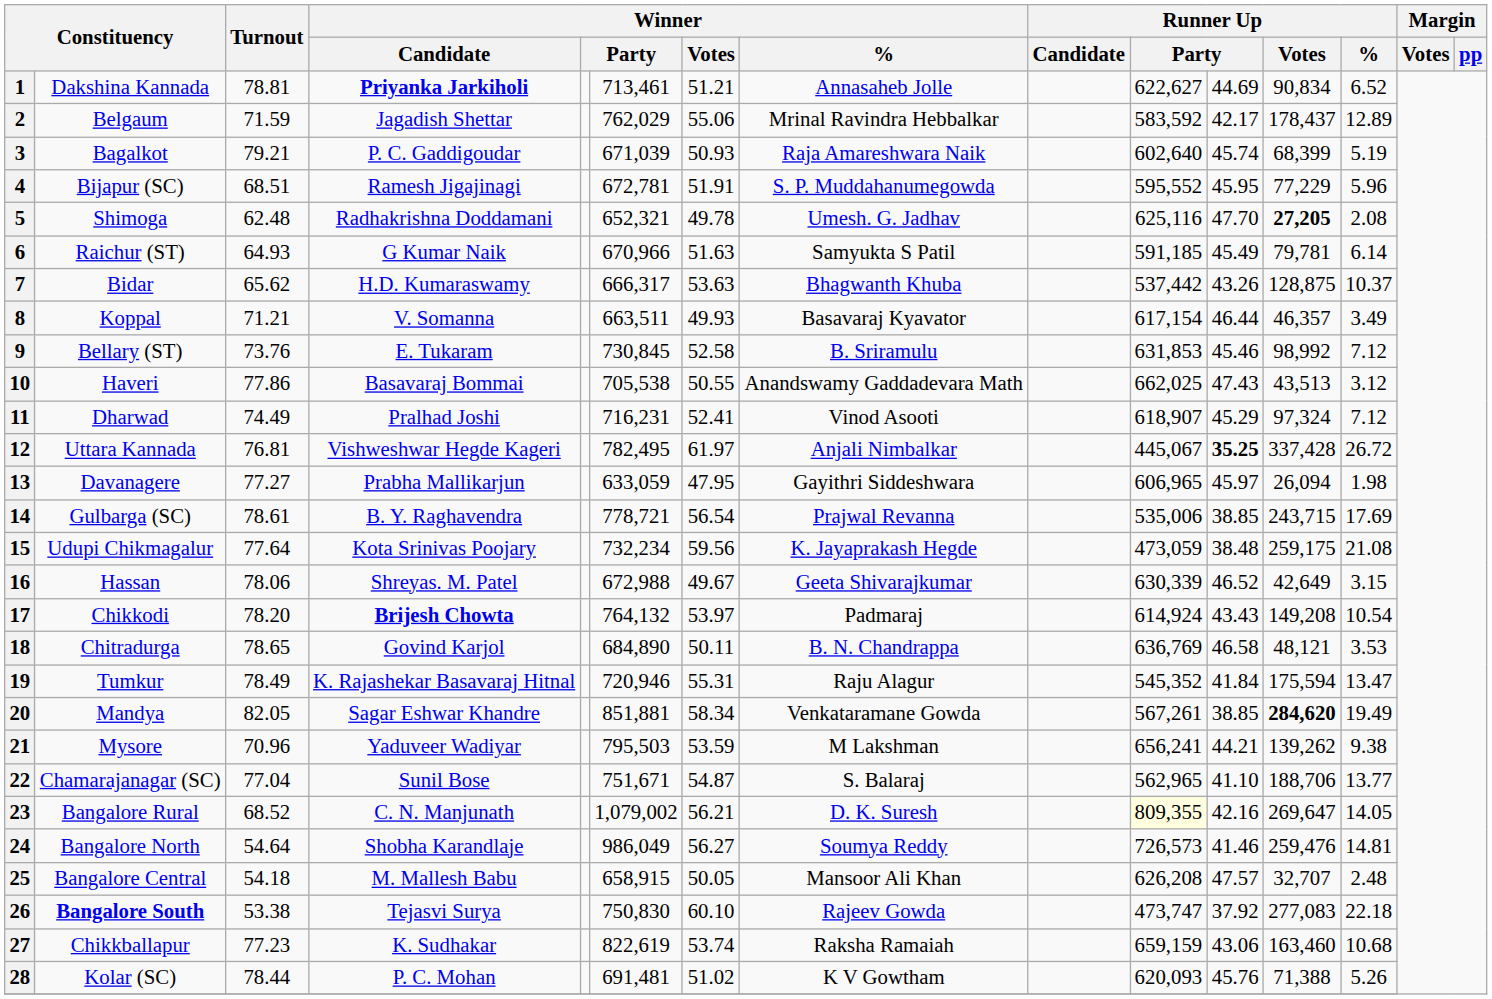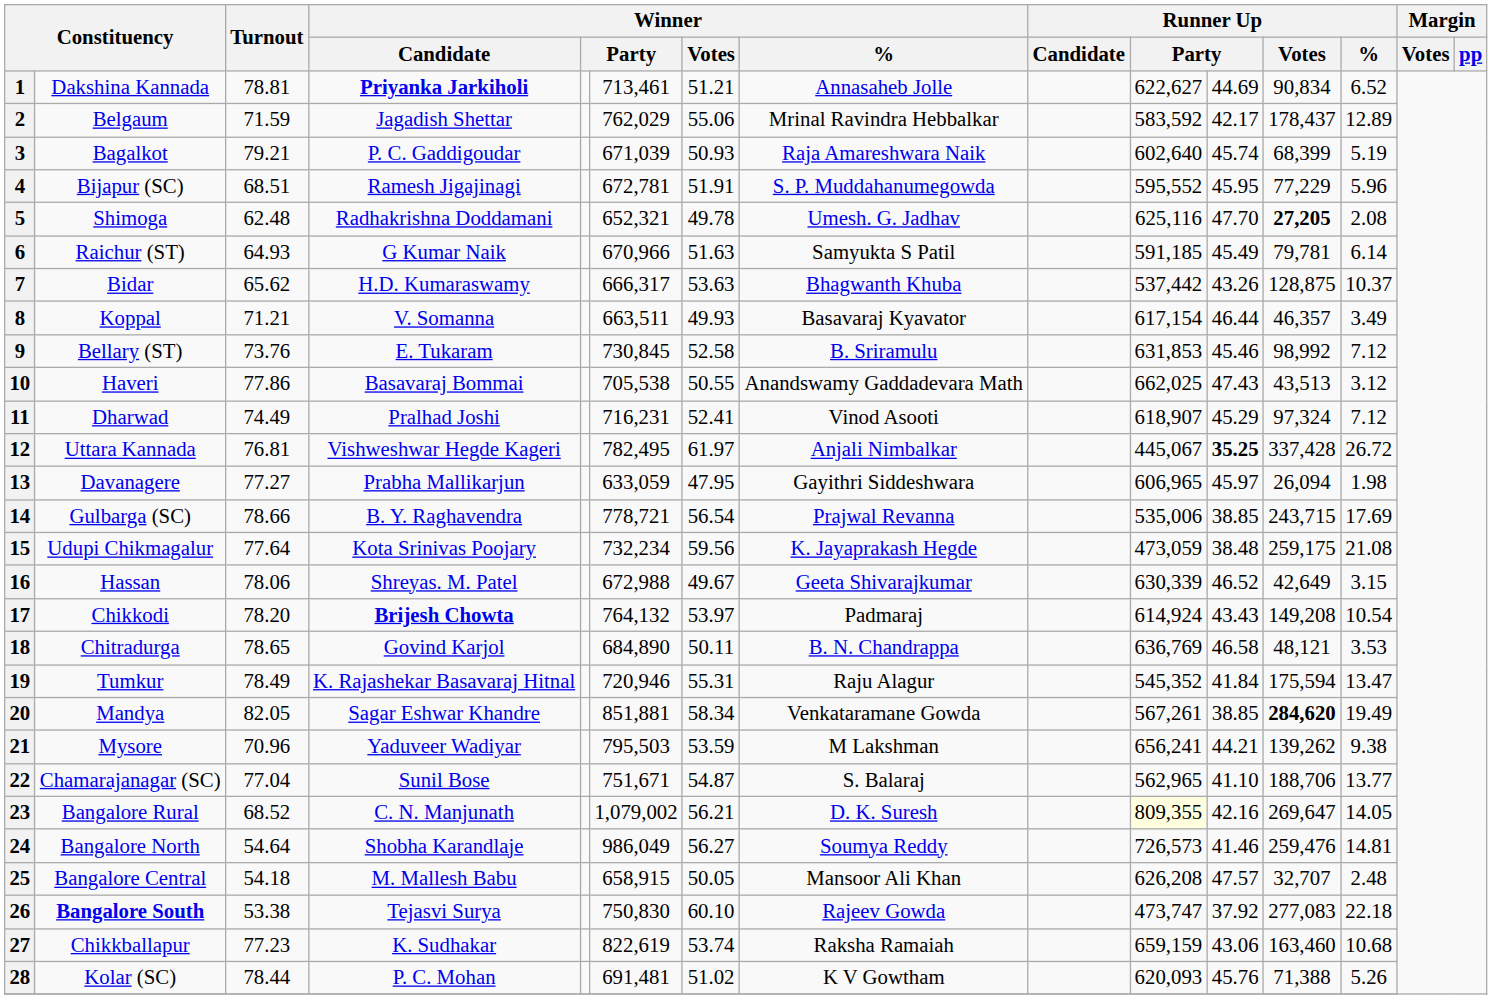 <table class="wikitable sortable" style="text-align:center;">
 <tr>
 <th colspan="2" rowspan="2">Constituency</th>
 <th rowspan="2">Turnout</th>
 <th colspan="5">Winner</th>
 <th colspan="5">Runner Up</th>
 <th colspan="2">Margin</th>
 </tr>
 <tr>
 <th>Candidate</th>
 <th colspan="2">Party</th>
 <th data-sort-type=number>Votes</th>
 <th>%</th>
 <th>Candidate</th>
 <th colspan="2">Party</th>
 <th data-sort-type=number>Votes</th>
 <th>%</th>
 <th>Votes</th>
 <th><a href='#'>pp</a></th>
 </tr>
 <tr>
 <th>1</th>
 <td><a href='#'>Dakshina Kannada</a></td>
 <td>78.81 </td>
 <td><strong><a href='#'>Priyanka Jarkiholi</a></strong></td>
 <td></td>
 <td>713,461</td>
 <td>51.21</td>
 <td><a href='#'>Annasaheb Jolle</a></td>
 <td></td>
 <td>622,627</td>
 <td>44.69</td>
 <td style="background:">90,834</td>
 <td style="background:">6.52</td>
 </tr>
 <tr>
 <th>2</th>
 <td><a href='#'>Belgaum</a></td>
 <td>71.59 </td>
 <td><a href='#'>Jagadish Shettar</a></td>
 <td></td>
 <td>762,029</td>
 <td>55.06</td>
 <td>Mrinal Ravindra Hebbalkar</td>
 <td></td>
 <td>583,592</td>
 <td>42.17</td>
 <td style="background:">178,437</td>
 <td style="background:">12.89</td>
 </tr>
 <tr>
 <th>3</th>
 <td><a href='#'>Bagalkot</a></td>
 <td>79.21 </td>
 <td><a href='#'>P. C. Gaddigoudar</a></td>
 <td></td>
 <td>671,039</td>
 <td>50.93</td>
 <td><a href='#'>Raja Amareshwara Naik</a></td>
 <td></td>
 <td>602,640</td>
 <td>45.74</td>
 <td style="background:">68,399</td>
 <td style="background:">5.19</td>
 </tr>
 <tr>
 <th>4</th>
 <td><a href='#'>Bijapur</a> (SC)</td>
 <td>68.51 </td>
 <td><a href='#'>Ramesh Jigajinagi</a></td>
 <td></td>
 <td>672,781</td>
 <td>51.91</td>
 <td><a href='#'>S. P. Muddahanumegowda</a></td>
 <td></td>
 <td>595,552</td>
 <td>45.95</td>
 <td style="background:">77,229</td>
 <td style="background:">5.96</td>
 </tr>
 <tr>
 <th>5</th>
 <td><a href='#'>Shimoga</a></td>
 <td>62.48 </td>
 <td><a href='#'>Radhakrishna Doddamani</a></td>
 <td></td>
 <td>652,321</td>
 <td>49.78</td>
 <td><a href='#'>Umesh. G. Jadhav</a></td>
 <td></td>
 <td>625,116</td>
 <td>47.70</td>
 <td style="background:"><strong>27,205</strong></td>
 <td style="background:">2.08</td>
 </tr>
 <tr>
 <th>6</th>
 <td><a href='#'>Raichur</a> (ST)</td>
 <td>64.93 </td>
 <td><a href='#'>G Kumar Naik</a></td>
 <td></td>
 <td>670,966</td>
 <td>51.63</td>
 <td>Samyukta S Patil</td>
 <td></td>
 <td>591,185</td>
 <td>45.49</td>
 <td style="background:">79,781</td>
 <td style="background:">6.14</td>
 </tr>
 <tr>
 <th>7</th>
 <td><a href='#'>Bidar</a></td>
 <td>65.62 </td>
 <td><a href='#'>H.D. Kumaraswamy</a></td>
 <td></td>
 <td>666,317</td>
 <td>53.63</td>
 <td><a href='#'>Bhagwanth Khuba</a></td>
 <td></td>
 <td>537,442</td>
 <td>43.26</td>
 <td style="background:">128,875</td>
 <td style="background:">10.37</td>
 </tr>
 <tr>
 <th>8</th>
 <td><a href='#'>Koppal</a></td>
 <td>71.21 </td>
 <td><a href='#'>V. Somanna</a></td>
 <td></td>
 <td>663,511</td>
 <td>49.93</td>
 <td>Basavaraj Kyavator</td>
 <td></td>
 <td>617,154</td>
 <td>46.44</td>
 <td style="background:">46,357</td>
 <td style="background:">3.49</td>
 </tr>
 <tr>
 <th>9</th>
 <td><a href='#'>Bellary</a> (ST)</td>
 <td>73.76 </td>
 <td><a href='#'>E. Tukaram</a></td>
 <td></td>
 <td>730,845</td>
 <td>52.58</td>
 <td><a href='#'>B. Sriramulu</a></td>
 <td></td>
 <td>631,853</td>
 <td>45.46</td>
 <td style="background:">98,992</td>
 <td style="background:">7.12</td>
 </tr>
 <tr>
 <th>10</th>
 <td><a href='#'>Haveri</a></td>
 <td>77.86 </td>
 <td><a href='#'>Basavaraj Bommai</a></td>
 <td></td>
 <td>705,538</td>
 <td>50.55</td>
 <td>Anandswamy Gaddadevara Math</td>
 <td></td>
 <td>662,025</td>
 <td>47.43</td>
 <td style="background:">43,513</td>
 <td style="background:">3.12</td>
 </tr>
 <tr>
 <th>11</th>
 <td><a href='#'>Dharwad</a></td>
 <td>74.49 </td>
 <td><a href='#'>Pralhad Joshi</a></td>
 <td></td>
 <td>716,231</td>
 <td>52.41</td>
 <td>Vinod Asooti</td>
 <td></td>
 <td>618,907</td>
 <td>45.29</td>
 <td style="background:">97,324</td>
 <td style="background:">7.12</td>
 </tr>
 <tr>
 <th>12</th>
 <td><a href='#'>Uttara Kannada</a></td>
 <td>76.81 </td>
 <td><a href='#'>Vishweshwar Hegde Kageri</a></td>
 <td></td>
 <td>782,495</td>
 <td>61.97</td>
 <td><a href='#'>Anjali Nimbalkar</a></td>
 <td></td>
 <td>445,067</td>
 <td><strong>35.25</strong></td>
 <td style="background:">337,428</td>
 <td style="background:">26.72</td>
 </tr>
 <tr>
 <th>13</th>
 <td><a href='#'>Davanagere</a></td>
 <td>77.27 </td>
 <td><a href='#'>Prabha Mallikarjun</a></td>
 <td></td>
 <td>633,059</td>
 <td>47.95</td>
 <td>Gayithri Siddeshwara</td>
 <td></td>
 <td>606,965</td>
 <td>45.97</td>
 <td style="background:">26,094</td>
 <td style="background:">1.98</td>
 </tr>
 <tr>
 <th>14</th>
 <td><a href='#'>Gulbarga</a> (SC)</td>
-<td>78.61 </td>
+<td>78.66 </td>
 <td><a href='#'>B. Y. Raghavendra</a></td>
 <td></td>
 <td>778,721</td>
 <td>56.54</td>
 <td><a href='#'>Prajwal Revanna</a></td>
 <td></td>
 <td>535,006</td>
 <td>38.85</td>
 <td style="background:">243,715</td>
 <td style="background:">17.69</td>
 </tr>
 <tr>
 <th>15</th>
 <td><a href='#'>Udupi Chikmagalur</a></td>
 <td>77.64 </td>
 <td><a href='#'>Kota Srinivas Poojary</a></td>
 <td></td>
 <td>732,234</td>
 <td>59.56</td>
 <td><a href='#'>K. Jayaprakash Hegde</a></td>
 <td></td>
 <td>473,059</td>
 <td>38.48</td>
 <td style="background:">259,175</td>
 <td style="background:">21.08</td>
 </tr>
 <tr>
 <th>16</th>
 <td><a href='#'>Hassan</a></td>
 <td>78.06 </td>
 <td><a href='#'>Shreyas. M. Patel</a></td>
 <td></td>
 <td>672,988</td>
 <td>49.67</td>
 <td><a href='#'>Geeta Shivarajkumar</a></td>
 <td></td>
 <td>630,339</td>
 <td>46.52</td>
 <td style="background:">42,649</td>
 <td style="background:">3.15</td>
 </tr>
 <tr>
 <th>17</th>
 <td><a href='#'>Chikkodi</a></td>
 <td>78.20 </td>
 <td><strong><a href='#'>Brijesh Chowta</a></strong></td>
 <td></td>
 <td>764,132</td>
 <td>53.97</td>
 <td>Padmaraj</td>
 <td></td>
 <td>614,924</td>
 <td>43.43</td>
 <td style="background:">149,208</td>
 <td style="background:">10.54</td>
 </tr>
 <tr>
 <th>18</th>
 <td><a href='#'>Chitradurga</a></td>
 <td>78.65 </td>
 <td><a href='#'>Govind Karjol</a></td>
 <td></td>
 <td>684,890</td>
 <td>50.11</td>
 <td><a href='#'>B. N. Chandrappa</a></td>
 <td></td>
 <td>636,769</td>
 <td>46.58</td>
 <td style="background:">48,121</td>
 <td style="background:">3.53</td>
 </tr>
 <tr>
 <th>19</th>
 <td><a href='#'>Tumkur</a></td>
 <td>78.49 </td>
 <td><a href='#'>K. Rajashekar Basavaraj Hitnal</a></td>
 <td></td>
 <td>720,946</td>
 <td>55.31</td>
 <td>Raju Alagur</td>
 <td></td>
 <td>545,352</td>
 <td>41.84</td>
 <td style="background:">175,594</td>
 <td style="background:">13.47</td>
 </tr>
 <tr>
 <th>20</th>
 <td><a href='#'>Mandya</a></td>
 <td>82.05 </td>
 <td><a href='#'>Sagar Eshwar Khandre</a></td>
 <td></td>
 <td>851,881</td>
 <td>58.34</td>
 <td>Venkataramane Gowda</td>
 <td></td>
 <td>567,261</td>
 <td>38.85</td>
 <td style="background:"><strong>284,620</strong></td>
 <td style="background:">19.49</td>
 </tr>
 <tr>
 <th>21</th>
 <td><a href='#'>Mysore</a></td>
 <td>70.96 </td>
 <td><a href='#'>Yaduveer Wadiyar</a></td>
 <td></td>
 <td>795,503</td>
 <td>53.59</td>
 <td>M Lakshman</td>
 <td></td>
 <td>656,241</td>
 <td>44.21</td>
 <td style="background:">139,262</td>
 <td style="background:">9.38</td>
 </tr>
 <tr>
 <th>22</th>
 <td><a href='#'>Chamarajanagar</a> (SC)</td>
 <td>77.04 </td>
 <td><a href='#'>Sunil Bose</a></td>
 <td></td>
 <td>751,671</td>
 <td>54.87</td>
 <td>S. Balaraj</td>
 <td></td>
 <td>562,965</td>
 <td>41.10</td>
 <td style="background:">188,706</td>
 <td style="background:">13.77</td>
 </tr>
 <tr>
 <th>23</th>
 <td><a href='#'>Bangalore Rural</a></td>
 <td>68.52 </td>
 <td><a href='#'>C. N. Manjunath</a></td>
 <td></td>
 <td>1,079,002</td>
 <td>56.21</td>
 <td><a href='#'>D. K. Suresh</a></td>
 <td></td>
 <td style="background: lightyellow;">809,355</td>
 <td>42.16</td>
 <td style="background:">269,647</td>
 <td style="background:">14.05</td>
 </tr>
 <tr>
 <th>24</th>
 <td><a href='#'>Bangalore North</a></td>
 <td>54.64 </td>
 <td><a href='#'>Shobha Karandlaje</a></td>
 <td></td>
 <td>986,049</td>
 <td>56.27</td>
 <td><a href='#'>Soumya Reddy</a></td>
 <td></td>
 <td>726,573</td>
 <td>41.46</td>
 <td style="background:">259,476</td>
 <td style="background:">14.81</td>
 </tr>
 <tr>
 <th>25</th>
 <td><a href='#'>Bangalore Central</a></td>
 <td>54.18 </td>
 <td><a href='#'>M. Mallesh Babu</a></td>
 <td></td>
 <td>658,915</td>
 <td>50.05</td>
 <td>Mansoor Ali Khan</td>
 <td></td>
 <td>626,208</td>
 <td>47.57</td>
 <td style="background:">32,707</td>
 <td style="background:">2.48</td>
 </tr>
 <tr>
 <th>26</th>
 <td><strong><a href='#'>Bangalore South</a></strong></td>
 <td>53.38 </td>
 <td><a href='#'>Tejasvi Surya</a></td>
 <td></td>
 <td>750,830</td>
 <td>60.10</td>
 <td><a href='#'>Rajeev Gowda</a></td>
 <td></td>
 <td>473,747</td>
 <td>37.92</td>
 <td style="background:">277,083</td>
 <td style="background:">22.18</td>
 </tr>
 <tr>
 <th>27</th>
 <td><a href='#'>Chikkballapur</a></td>
 <td>77.23 </td>
 <td><a href='#'>K. Sudhakar</a></td>
 <td></td>
 <td>822,619</td>
 <td>53.74</td>
 <td>Raksha Ramaiah</td>
 <td></td>
 <td>659,159</td>
 <td>43.06</td>
 <td style="background:">163,460</td>
 <td style="background:">10.68</td>
 </tr>
 <tr>
 <th>28</th>
 <td><a href='#'>Kolar</a> (SC)</td>
 <td>78.44 </td>
 <td><a href='#'>P. C. Mohan</a></td>
 <td></td>
 <td>691,481</td>
 <td>51.02</td>
 <td>K V Gowtham</td>
 <td></td>
 <td>620,093</td>
 <td>45.76</td>
 <td style="background:">71,388</td>
 <td style="background:">5.26</td>
 </tr>
 <tr>
 </tr>
 </table>
